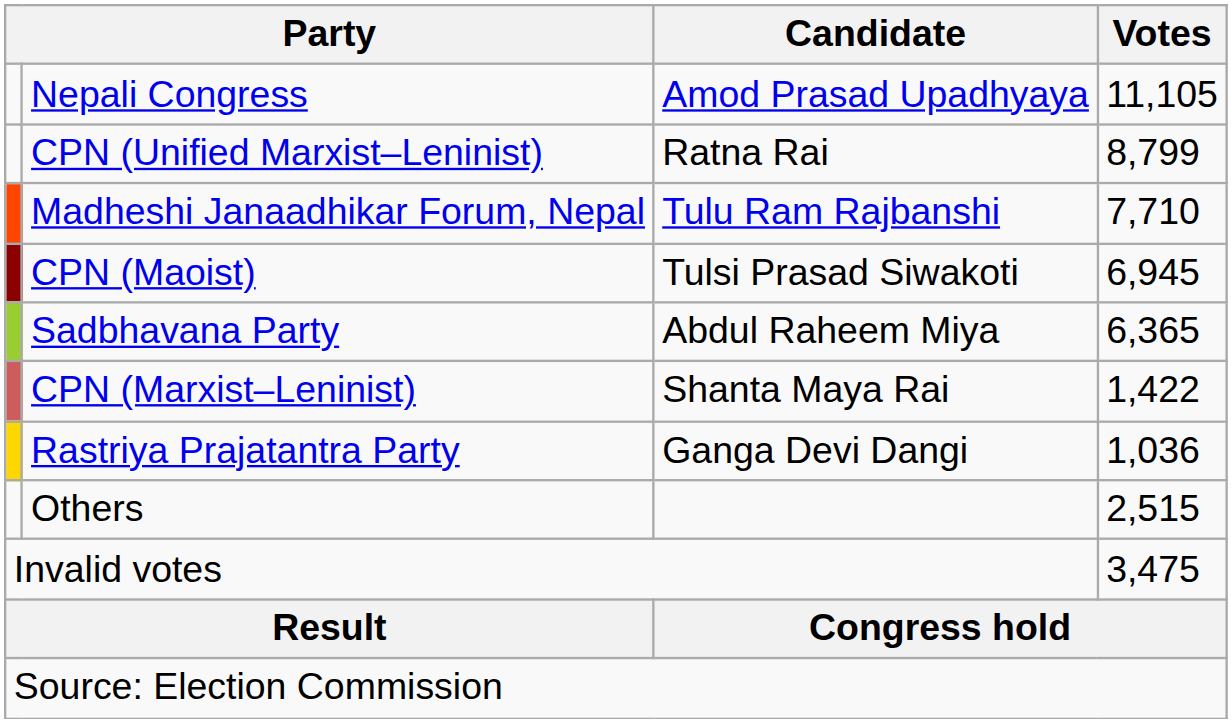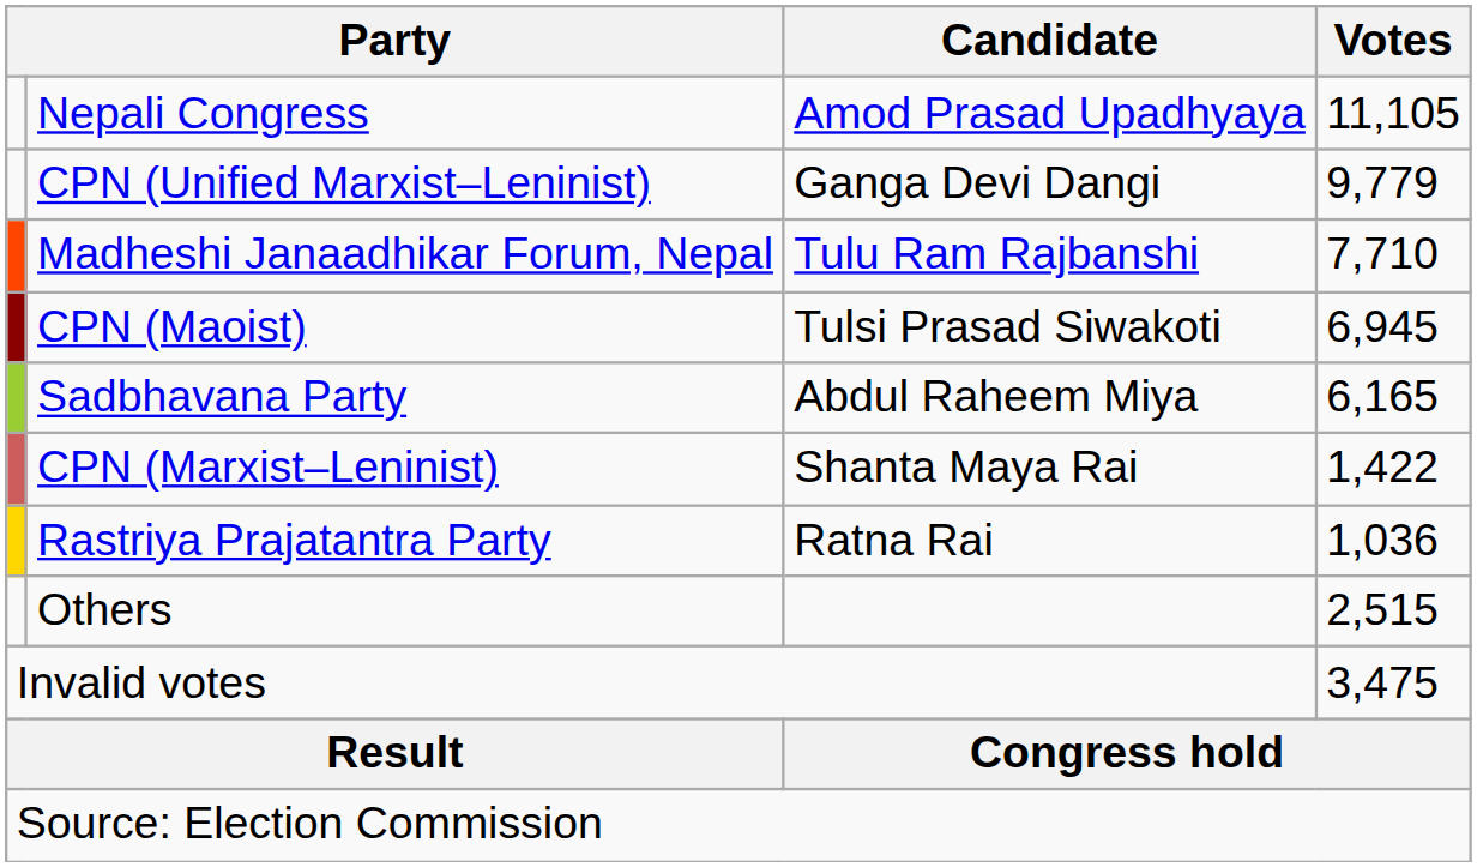 <table class="wikitable">
 <tr>
 <th colspan="2">Party</th>
 <th>Candidate</th>
 <th>Votes</th>
 </tr>
 <tr>
 <td style="background-color:"></td>
 <td><a href='#'>Nepali Congress</a></td>
 <td><a href='#'>Amod Prasad Upadhyaya</a></td>
 <td>11,105</td>
 </tr>
 <tr>
 <td style="background-color:"></td>
 <td><a href='#'>CPN (Unified Marxist–Leninist)</a></td>
-<td>Ratna Rai</td>
-<td>8,799</td>
+<td>Ganga Devi Dangi</td>
+<td>9,779</td>
 </tr>
 <tr>
 <td style="background-color:orangered"></td>
 <td><a href='#'>Madheshi Janaadhikar Forum, Nepal</a></td>
 <td><a href='#'>Tulu Ram Rajbanshi</a></td>
 <td>7,710</td>
 </tr>
 <tr>
 <td style="background-color:darkred"></td>
 <td><a href='#'>CPN (Maoist)</a></td>
 <td>Tulsi Prasad Siwakoti</td>
 <td>6,945</td>
 </tr>
 <tr>
 <td style="background-color:yellowgreen"></td>
 <td><a href='#'>Sadbhavana Party</a></td>
 <td>Abdul Raheem Miya</td>
-<td>6,365</td>
+<td>6,165</td>
 </tr>
 <tr>
 <td style="background-color:indianred"></td>
 <td><a href='#'>CPN (Marxist–Leninist)</a></td>
 <td>Shanta Maya Rai</td>
 <td>1,422</td>
 </tr>
 <tr>
 <td style="background-color:gold"></td>
 <td><a href='#'>Rastriya Prajatantra Party</a></td>
-<td>Ganga Devi Dangi</td>
+<td>Ratna Rai</td>
 <td>1,036</td>
 </tr>
 <tr>
 <td></td>
 <td>Others</td>
 <td></td>
 <td>2,515</td>
 </tr>
 <tr>
 <td colspan="3">Invalid votes</td>
 <td>3,475</td>
 </tr>
 <tr>
 <th colspan="2">Result</th>
 <th colspan="2">Congress hold</th>
 </tr>
 <tr>
 <td colspan="4">Source: Election Commission</td>
 </tr>
 </table>
